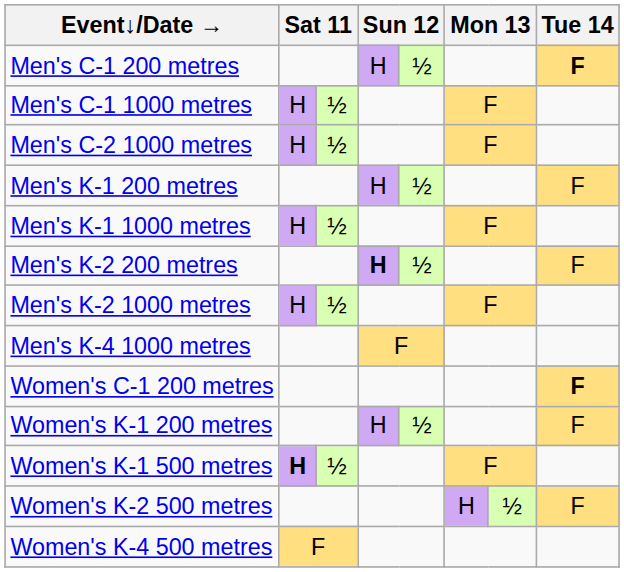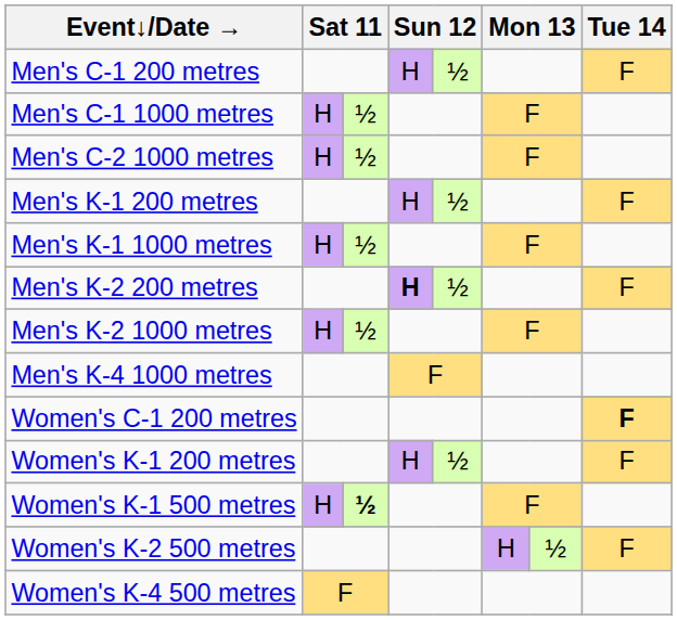 <table class="wikitable" style="margin:0.5em auto; font-size:90%; line-height:1.25em;">
 <tr style="text-align:center;">
 <th>Event↓/Date →</th>
 <th colspan="2">Sat 11</th>
 <th colspan="2">Sun 12</th>
 <th colspan="2">Mon 13</th>
 <th>Tue 14</th>
 </tr>
 <tr style="text-align:center;">
 <td style="text-align:left;"><a href='#'>Men's C-1 200 metres</a></td>
 <td colspan="2"></td>
 <td style="background-color:#D0A9F5;">H</td>
 <td style="background-color:#D9FFB2;">½</td>
 <td colspan="2"></td>
-<td style="background-color:#FFDF80;"><strong>F</strong></td>
+<td style="background-color:#FFDF80;">F</td>
 </tr>
 <tr style="text-align:center;">
 <td style="text-align:left;"><a href='#'>Men's C-1 1000 metres</a></td>
 <td style="background-color:#D0A9F5;">H</td>
 <td style="background-color:#D9FFB2;">½</td>
 <td colspan="2"></td>
 <td colspan="2" style="background-color:#FFDF80">F</td>
 <td></td>
 </tr>
 <tr style="text-align:center;">
 <td style="text-align:left;"><a href='#'>Men's C-2 1000 metres</a></td>
 <td style="background-color:#D0A9F5;">H</td>
 <td style="background-color:#D9FFB2;">½</td>
 <td colspan="2"></td>
 <td colspan="2" style="background-color:#FFDF80">F</td>
 <td></td>
 </tr>
 <tr style="text-align:center;">
 <td style="text-align:left;"><a href='#'>Men's K-1 200 metres</a></td>
 <td colspan="2"></td>
 <td style="background-color:#D0A9F5;">H</td>
 <td style="background-color:#D9FFB2;">½</td>
 <td colspan="2"></td>
 <td style="background-color:#FFDF80;">F</td>
 </tr>
 <tr style="text-align:center;">
 <td style="text-align:left;"><a href='#'>Men's K-1 1000 metres</a></td>
 <td style="background-color:#D0A9F5;">H</td>
 <td style="background-color:#D9FFB2;">½</td>
 <td colspan="2"></td>
 <td colspan="2" style="background-color:#FFDF80">F</td>
 <td></td>
 </tr>
 <tr style="text-align:center;">
 <td style="text-align:left;"><a href='#'>Men's K-2 200 metres</a></td>
 <td colspan="2"></td>
 <td style="background-color:#D0A9F5;"><strong>H</strong></td>
 <td style="background-color:#D9FFB2;">½</td>
 <td colspan="2"></td>
 <td style="background-color:#FFDF80;">F</td>
 </tr>
 <tr style="text-align:center;">
 <td style="text-align:left;"><a href='#'>Men's K-2 1000 metres</a></td>
 <td style="background-color:#D0A9F5;">H</td>
 <td style="background-color:#D9FFB2;">½</td>
 <td colspan="2"></td>
 <td colspan="2" style="background-color:#FFDF80">F</td>
 <td></td>
 </tr>
 <tr style="text-align:center;">
 <td style="text-align:left;"><a href='#'>Men's K-4 1000 metres</a></td>
 <td colspan="2"></td>
 <td colspan="2" style="background-color:#FFDF80">F</td>
 <td colspan="2"></td>
 <td></td>
 </tr>
 <tr style="text-align:center;">
 <td style="text-align:left;"><a href='#'>Women's C-1 200 metres</a></td>
 <td colspan="2"></td>
 <td colspan="2"></td>
 <td colspan="2"></td>
 <td style="background-color:#FFDF80;"><strong>F</strong></td>
 </tr>
 <tr style="text-align:center;">
 <td style="text-align:left;"><a href='#'>Women's K-1 200 metres</a></td>
 <td colspan="2"></td>
 <td style="background-color:#D0A9F5;">H</td>
 <td style="background-color:#D9FFB2;">½</td>
 <td colspan="2"></td>
 <td style="background-color:#FFDF80;">F</td>
 </tr>
 <tr style="text-align:center;">
 <td style="text-align:left;"><a href='#'>Women's K-1 500 metres</a></td>
-<td style="background-color:#D0A9F5;"><strong>H</strong></td>
-<td style="background-color:#D9FFB2;">½</td>
+<td style="background-color:#D0A9F5;">H</td>
+<td style="background-color:#D9FFB2;"><strong>½</strong></td>
 <td colspan="2"></td>
 <td colspan="2" style="background-color:#FFDF80">F</td>
 <td></td>
 </tr>
 <tr style="text-align:center;">
 <td style="text-align:left;"><a href='#'>Women's K-2 500 metres</a></td>
 <td colspan="2"></td>
 <td colspan="2"></td>
 <td style="background-color:#D0A9F5;">H</td>
 <td style="background-color:#D9FFB2;">½</td>
 <td style="background-color:#FFDF80;">F</td>
 </tr>
 <tr style="text-align:center;">
 <td style="text-align:left;"><a href='#'>Women's K-4 500 metres</a></td>
 <td colspan="2" style="background-color:#FFDF80">F</td>
 <td colspan="2"></td>
 <td colspan="2"></td>
 <td></td>
 </tr>
 </table>
